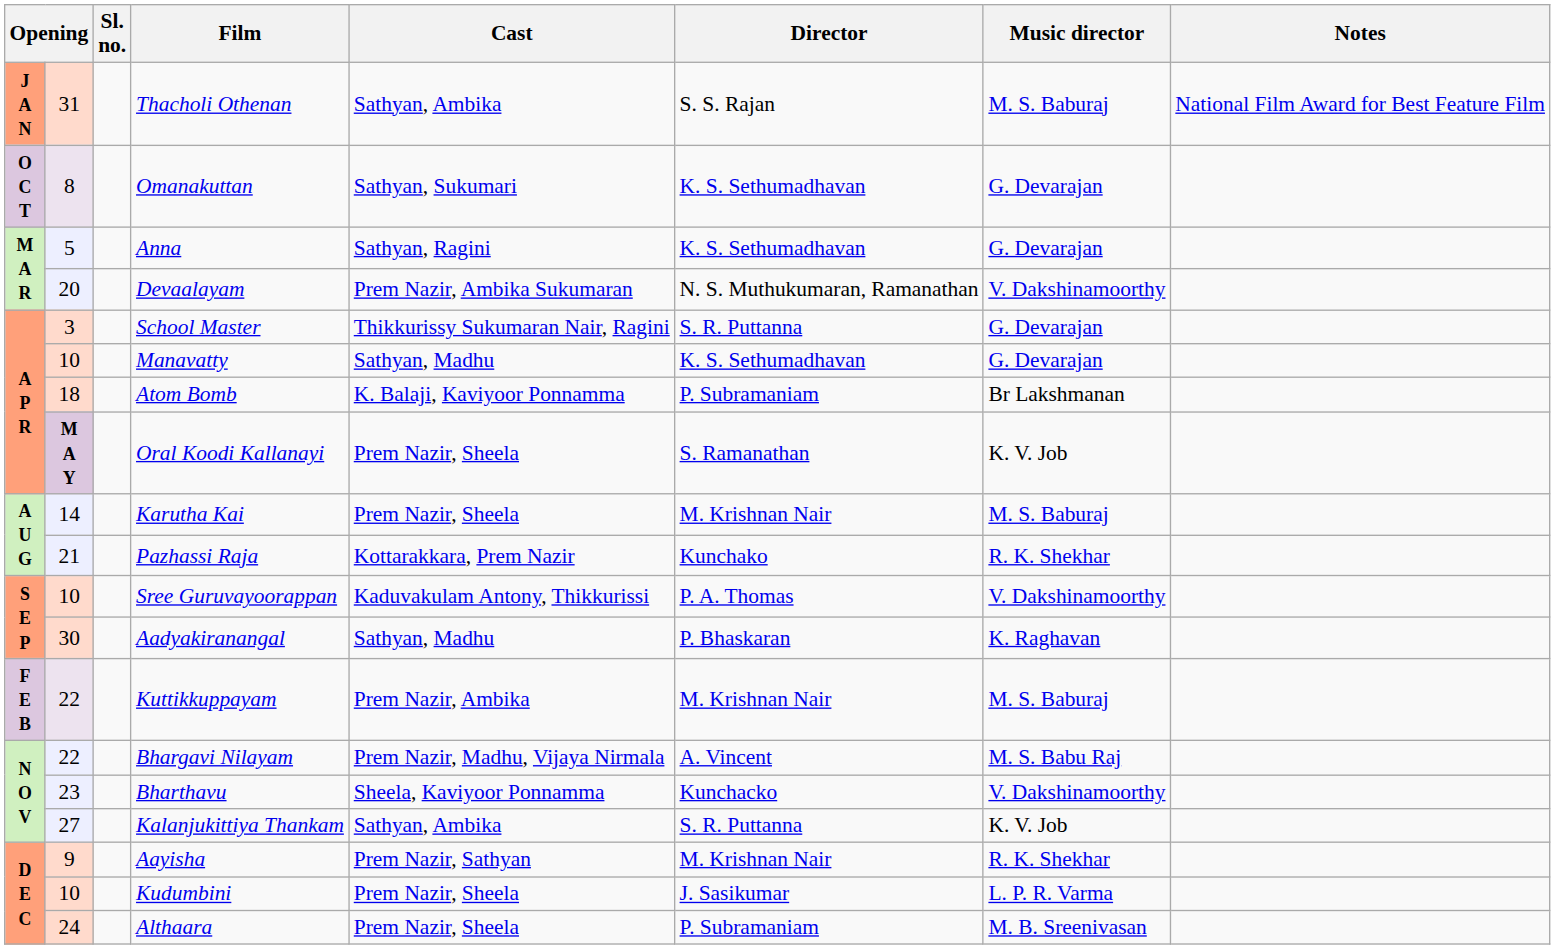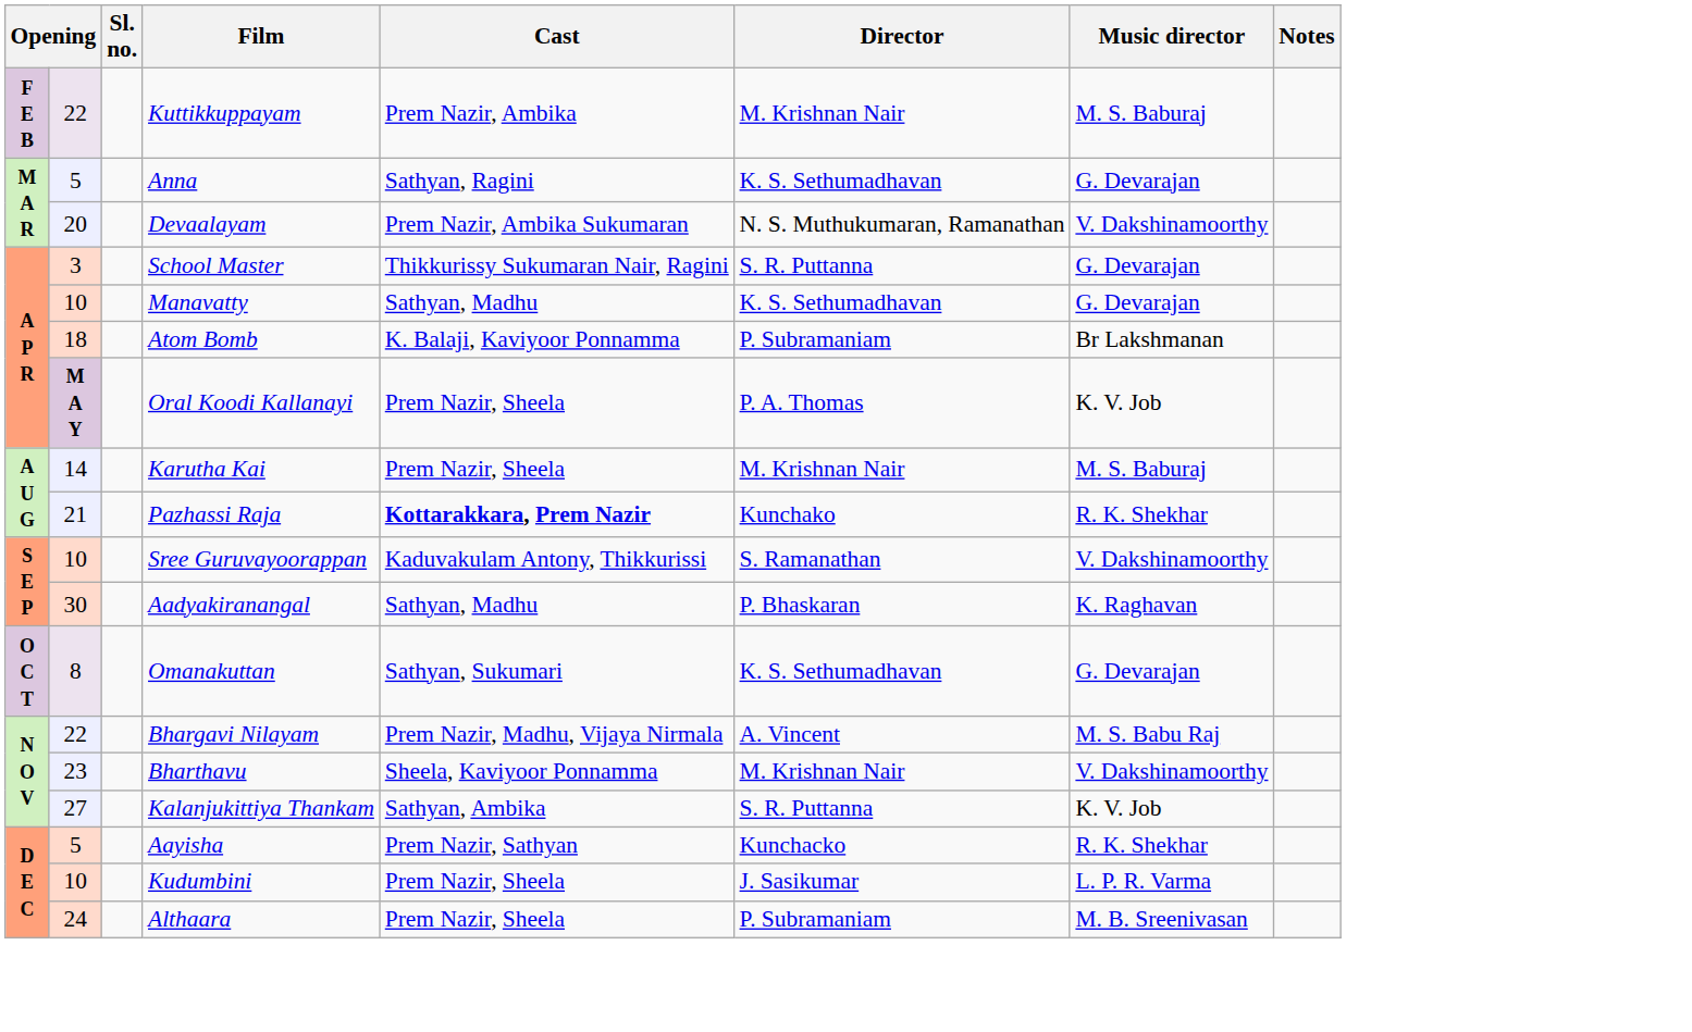 <table class="wikitable">
 <tr style="background:#4000;">
 <th colspan='2'>Opening</th>
 <th>Sl.<br>no.</th>
 <th>Film</th>
 <th>Cast</th>
 <th>Director</th>
 <th>Music director</th>
 <th>Notes</th>
 </tr>
 <tr>
-<td rowspan="1" style="text-align:center; background:#ffa07a; textcolor:#000;"><small><strong>J<br>A<br>N</strong></small></td>
-<td rowspan="1"  style="text-align:center; background:#ffdacc; textcolor:#000;">31</td>
+<td rowspan="1" style="text-align:center; background:#dcc7df; textcolor:#000;"><small><strong>F<br>E<br>B</strong></small></td>
+<td rowspan="1"  style="text-align:center; background:#ede3ef; textcolor:#000;">22</td>
 <td valign="center"></td>
-<td><em><a href='#'>Thacholi Othenan</a></em></td>
-<td><a href='#'>Sathyan</a>, <a href='#'>Ambika</a></td>
-<td>S. S. Rajan</td>
+<td><em><a href='#'>Kuttikkuppayam</a></em></td>
+<td><a href='#'>Prem Nazir</a>, <a href='#'>Ambika</a></td>
+<td><a href='#'>M. Krishnan Nair</a></td>
 <td><a href='#'>M. S. Baburaj</a></td>
-<td><a href='#'>National Film Award for Best Feature Film</a></td>
-</tr>
-<tr>
-<td rowspan="1" style="text-align:center; background:#dcc7df; textcolor:#000;"><small><strong>O<br>C<br>T</strong></small></td>
-<td rowspan="1"  style="text-align:center; background:#ede3ef; textcolor:#000;">8</td>
-<td valign="center"></td>
-<td><em><a href='#'>Omanakuttan</a></em></td>
-<td><a href='#'>Sathyan</a>, <a href='#'>Sukumari</a></td>
-<td><a href='#'>K. S. Sethumadhavan</a></td>
-<td><a href='#'>G. Devarajan</a></td>
 <td></td>
 </tr>
 <tr>
 <td rowspan="2" style="text-align:center; background:#d0f0c0; textcolor:#000;"><small><strong>M<br>A<br>R</strong></small></td>
 <td rowspan="1"  style="text-align:center; background:#edefff; textcolor:#000;">5</td>
 <td valign="center"></td>
 <td><em><a href='#'>Anna</a></em></td>
 <td><a href='#'>Sathyan</a>, <a href='#'>Ragini</a></td>
 <td><a href='#'>K. S. Sethumadhavan</a></td>
 <td><a href='#'>G. Devarajan</a></td>
 <td></td>
 </tr>
 <tr>
 <td rowspan="1"  style="text-align:center; background:#edefff; textcolor:#000;">20</td>
 <td valign="center"></td>
 <td><em><a href='#'>Devaalayam</a></em></td>
 <td><a href='#'>Prem Nazir</a>, <a href='#'>Ambika Sukumaran</a></td>
 <td>N. S. Muthukumaran, Ramanathan</td>
 <td><a href='#'>V. Dakshinamoorthy</a></td>
 <td></td>
 </tr>
 <tr>
 <td rowspan="4" style="text-align:center; background:#ffa07a; textcolor:#000;"><small><strong>A<br>P<br>R</strong></small></td>
 <td rowspan="1"  style="text-align:center; background:#ffdacc; textcolor:#000;">3</td>
 <td valign="center"></td>
 <td><em><a href='#'>School Master</a></em></td>
 <td><a href='#'>Thikkurissy Sukumaran Nair</a>, <a href='#'>Ragini</a></td>
 <td><a href='#'>S. R. Puttanna</a></td>
 <td><a href='#'>G. Devarajan</a></td>
 <td></td>
 </tr>
 <tr>
 <td rowspan="1"  style="text-align:center; background:#ffdacc; textcolor:#000;">10</td>
 <td valign="center"></td>
 <td><em><a href='#'>Manavatty</a></em></td>
 <td><a href='#'>Sathyan</a>, <a href='#'>Madhu</a></td>
 <td><a href='#'>K. S. Sethumadhavan</a></td>
 <td><a href='#'>G. Devarajan</a></td>
 <td></td>
 </tr>
 <tr>
 <td rowspan="1"  style="text-align:center; background:#ffdacc; textcolor:#000;">18</td>
 <td valign="center"></td>
 <td><em><a href='#'>Atom Bomb</a></em></td>
 <td><a href='#'>K. Balaji</a>, <a href='#'>Kaviyoor Ponnamma</a></td>
 <td><a href='#'>P. Subramaniam</a></td>
 <td>Br Lakshmanan</td>
 <td></td>
 </tr>
 <tr>
 <td rowspan="1" style="text-align:center; background:#dcc7df; textcolor:#000;"><small><strong>M<br>A<br>Y</strong></small></td>
 <td valign="center"></td>
 <td><em><a href='#'>Oral Koodi Kallanayi</a></em></td>
 <td><a href='#'>Prem Nazir</a>, <a href='#'>Sheela</a></td>
-<td><a href='#'>S. Ramanathan</a></td>
+<td><a href='#'>P. A. Thomas</a></td>
 <td>K. V. Job</td>
 <td></td>
 </tr>
 <tr>
 <td rowspan="2" style="text-align:center; background:#d0f0c0; textcolor:#000;"><small><strong>A<br>U<br>G</strong></small></td>
 <td rowspan="1"  style="text-align:center; background:#edefff; textcolor:#000;">14</td>
 <td valign="center"></td>
 <td><em><a href='#'>Karutha Kai</a></em></td>
 <td><a href='#'>Prem Nazir</a>, <a href='#'>Sheela</a></td>
 <td><a href='#'>M. Krishnan Nair</a></td>
 <td><a href='#'>M. S. Baburaj</a></td>
 <td></td>
 </tr>
 <tr>
 <td rowspan="1"  style="text-align:center; background:#edefff; textcolor:#000;">21</td>
 <td valign="center"></td>
 <td><em><a href='#'>Pazhassi Raja</a></em></td>
-<td><a href='#'>Kottarakkara</a>, <a href='#'>Prem Nazir</a></td>
+<td><strong><a href='#'>Kottarakkara</a>, <a href='#'>Prem Nazir</a></strong></td>
 <td><a href='#'>Kunchako</a></td>
 <td><a href='#'>R. K. Shekhar</a></td>
 <td></td>
 </tr>
 <tr>
 <td rowspan="2" style="text-align:center; background:#ffa07a; textcolor:#000;"><small><strong>S<br>E<br>P</strong></small></td>
 <td rowspan="1"  style="text-align:center; background:#ffdacc; textcolor:#000;">10</td>
 <td valign="center"></td>
 <td><em><a href='#'>Sree Guruvayoorappan</a></em></td>
 <td><a href='#'>Kaduvakulam Antony</a>, <a href='#'>Thikkurissi</a></td>
-<td><a href='#'>P. A. Thomas</a></td>
+<td><a href='#'>S. Ramanathan</a></td>
 <td><a href='#'>V. Dakshinamoorthy</a></td>
 <td></td>
 </tr>
 <tr>
 <td rowspan="1"  style="text-align:center; background:#ffdacc; textcolor:#000;">30</td>
 <td valign="center"></td>
 <td><em><a href='#'>Aadyakiranangal</a></em></td>
 <td><a href='#'>Sathyan</a>, <a href='#'>Madhu</a></td>
 <td><a href='#'>P. Bhaskaran</a></td>
 <td><a href='#'>K. Raghavan</a></td>
 <td></td>
 </tr>
 <tr>
-<td rowspan="1" style="text-align:center; background:#dcc7df; textcolor:#000;"><small><strong>F<br>E<br>B</strong></small></td>
-<td rowspan="1"  style="text-align:center; background:#ede3ef; textcolor:#000;">22</td>
+<td rowspan="1" style="text-align:center; background:#dcc7df; textcolor:#000;"><small><strong>O<br>C<br>T</strong></small></td>
+<td rowspan="1"  style="text-align:center; background:#ede3ef; textcolor:#000;">8</td>
 <td valign="center"></td>
-<td><em><a href='#'>Kuttikkuppayam</a></em></td>
-<td><a href='#'>Prem Nazir</a>, <a href='#'>Ambika</a></td>
-<td><a href='#'>M. Krishnan Nair</a></td>
-<td><a href='#'>M. S. Baburaj</a></td>
+<td><em><a href='#'>Omanakuttan</a></em></td>
+<td><a href='#'>Sathyan</a>, <a href='#'>Sukumari</a></td>
+<td><a href='#'>K. S. Sethumadhavan</a></td>
+<td><a href='#'>G. Devarajan</a></td>
 <td></td>
 </tr>
 <tr>
 <td rowspan="3" style="text-align:center; background:#d0f0c0; textcolor:#000;"><small><strong>N<br>O<br>V</strong></small></td>
 <td rowspan="1"  style="text-align:center; background:#edefff; textcolor:#000;">22</td>
 <td valign="center"></td>
 <td><em><a href='#'>Bhargavi Nilayam</a></em></td>
 <td><a href='#'>Prem Nazir</a>, <a href='#'>Madhu</a>, <a href='#'>Vijaya Nirmala</a></td>
 <td><a href='#'>A. Vincent</a></td>
 <td><a href='#'>M. S. Babu Raj</a></td>
 <td></td>
 </tr>
 <tr>
 <td rowspan="1"  style="text-align:center; background:#edefff; textcolor:#000;">23</td>
 <td valign="center"></td>
 <td><em><a href='#'>Bharthavu</a></em></td>
 <td><a href='#'>Sheela</a>, <a href='#'>Kaviyoor Ponnamma</a></td>
-<td><a href='#'>Kunchacko</a></td>
+<td><a href='#'>M. Krishnan Nair</a></td>
 <td><a href='#'>V. Dakshinamoorthy</a></td>
 <td></td>
 </tr>
 <tr>
 <td rowspan="1"  style="text-align:center; background:#edefff; textcolor:#000;">27</td>
 <td valign="center"></td>
 <td><em><a href='#'>Kalanjukittiya Thankam</a></em></td>
 <td><a href='#'>Sathyan</a>, <a href='#'>Ambika</a></td>
 <td><a href='#'>S. R. Puttanna</a></td>
 <td>K. V. Job</td>
 <td></td>
 </tr>
 <tr>
 <td rowspan="3" style="text-align:center; background:#ffa07a; textcolor:#000;"><small><strong>D<br>E<br>C</strong></small></td>
-<td rowspan="1"  style="text-align:center; background:#ffdacc; textcolor:#000;">9</td>
+<td rowspan="1"  style="text-align:center; background:#ffdacc; textcolor:#000;">5</td>
 <td valign="center"></td>
 <td><em><a href='#'>Aayisha</a></em></td>
 <td><a href='#'>Prem Nazir</a>, <a href='#'>Sathyan</a></td>
-<td><a href='#'>M. Krishnan Nair</a></td>
+<td><a href='#'>Kunchacko</a></td>
 <td><a href='#'>R. K. Shekhar</a></td>
 <td></td>
 </tr>
 <tr>
 <td rowspan="1"  style="text-align:center; background:#ffdacc; textcolor:#000;">10</td>
 <td valign="center"></td>
 <td><em><a href='#'>Kudumbini</a></em></td>
 <td><a href='#'>Prem Nazir</a>, <a href='#'>Sheela</a></td>
 <td><a href='#'>J. Sasikumar</a></td>
 <td><a href='#'>L. P. R. Varma</a></td>
 <td></td>
 </tr>
 <tr>
 <td rowspan="1"  style="text-align:center; background:#ffdacc; textcolor:#000;">24</td>
 <td valign="center"></td>
 <td><em><a href='#'>Althaara</a></em></td>
 <td><a href='#'>Prem Nazir</a>, <a href='#'>Sheela</a></td>
 <td><a href='#'>P. Subramaniam</a></td>
 <td><a href='#'>M. B. Sreenivasan</a></td>
 <td></td>
 </tr>
 </table>
